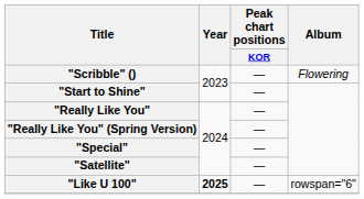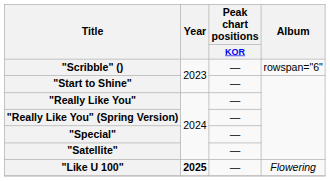 <table class="wikitable plainrowheaders" style="text-align:center">
 <tr>
 <th scope="col" rowspan="2">Title</th>
 <th scope="col" rowspan="2">Year</th>
 <th scope="col">Peak chart positions</th>
 <th scope="col" rowspan="2">Album</th>
 </tr>
 <tr>
 <th scope="col" style="width:2.5em;font-size:85%"><a href='#'>KOR</a><br></th>
 </tr>
 <tr>
 <th scope="row">"Scribble" ()<br></th>
 <td rowspan="2">2023</td>
 <td>—</td>
-<td><em>Flowering</em></td>
+<td>rowspan="6" </td>
 </tr>
 <tr>
 <th scope="row">"Start to Shine"<br></th>
 <td>—</td>
 </tr>
 <tr>
 <th scope="row">"Really Like You"</th>
 <td rowspan="4">2024</td>
 <td>—</td>
 </tr>
 <tr>
 <th scope="row">"Really Like You" (Spring Version)</th>
 <td>—</td>
 </tr>
 <tr>
 <th scope="row">"Special"<br> </th>
 <td>—</td>
 </tr>
 <tr>
 <th scope="row">"Satellite"</th>
 <td>—</td>
 </tr>
 <tr>
 <th scope="row">"Like U 100"</th>
 <td scope="row"><strong>2025</strong></td>
 <td>—</td>
-<td>rowspan="6" </td>
+<td><em>Flowering</em></td>
 </tr>
 <tr>
 </tr>
 </table>
